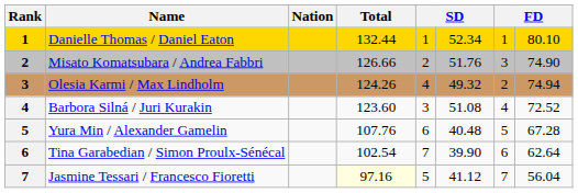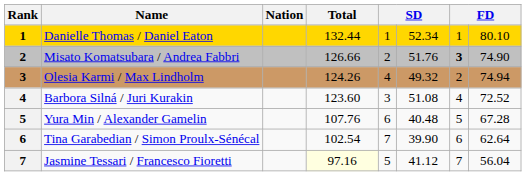 <table class="wikitable sortable">
 <tr>
 <th>Rank</th>
 <th>Name</th>
 <th>Nation</th>
 <th width="80px">Total</th>
 <th colspan="2" width="80px"><a href='#'>SD</a></th>
 <th colspan="2" width="80px"><a href='#'>FD</a></th>
 </tr>
 <tr bgcolor="gold">
 <td align="center"><strong>1</strong></td>
 <td><a href='#'>Danielle Thomas</a> / <a href='#'>Daniel Eaton</a></td>
 <td></td>
 <td align="center">132.44</td>
 <td align="center">1</td>
 <td align="center">52.34</td>
 <td align="center">1</td>
 <td align="center">80.10</td>
 </tr>
 <tr bgcolor="silver">
 <td align="center"><strong>2</strong></td>
 <td><a href='#'>Misato Komatsubara</a> / <a href='#'>Andrea Fabbri</a></td>
 <td></td>
 <td align="center">126.66</td>
 <td align="center">2</td>
 <td align="center">51.76</td>
-<td align="center">3</td>
+<td align="center"><strong>3</strong></td>
 <td align="center">74.90</td>
 </tr>
 <tr bgcolor="cc9966">
 <td align="center"><strong>3</strong></td>
 <td><a href='#'>Olesia Karmi</a> / <a href='#'>Max Lindholm</a></td>
 <td></td>
 <td align="center">124.26</td>
 <td align="center">4</td>
 <td align="center">49.32</td>
 <td align="center">2</td>
 <td align="center">74.94</td>
 </tr>
 <tr>
 <th>4</th>
 <td><a href='#'>Barbora Silná</a> / <a href='#'>Juri Kurakin</a></td>
 <td></td>
 <td align="center">123.60</td>
 <td align="center">3</td>
 <td align="center">51.08</td>
 <td align="center">4</td>
 <td align="center">72.52</td>
 </tr>
 <tr>
 <th>5</th>
 <td><a href='#'>Yura Min</a> / <a href='#'>Alexander Gamelin</a></td>
 <td></td>
 <td align="center">107.76</td>
 <td align="center">6</td>
 <td align="center">40.48</td>
 <td align="center">5</td>
 <td align="center">67.28</td>
 </tr>
 <tr>
 <th>6</th>
 <td><a href='#'>Tina Garabedian</a> / <a href='#'>Simon Proulx-Sénécal</a></td>
 <td></td>
 <td align="center">102.54</td>
 <td align="center">7</td>
 <td align="center">39.90</td>
 <td align="center">6</td>
 <td align="center">62.64</td>
 </tr>
 <tr>
 <th>7</th>
 <td><a href='#'>Jasmine Tessari</a> / <a href='#'>Francesco Fioretti</a></td>
 <td></td>
 <td align="center" style="background: lightyellow;">97.16</td>
 <td align="center">5</td>
 <td align="center">41.12</td>
 <td align="center">7</td>
 <td align="center">56.04</td>
 </tr>
 </table>
